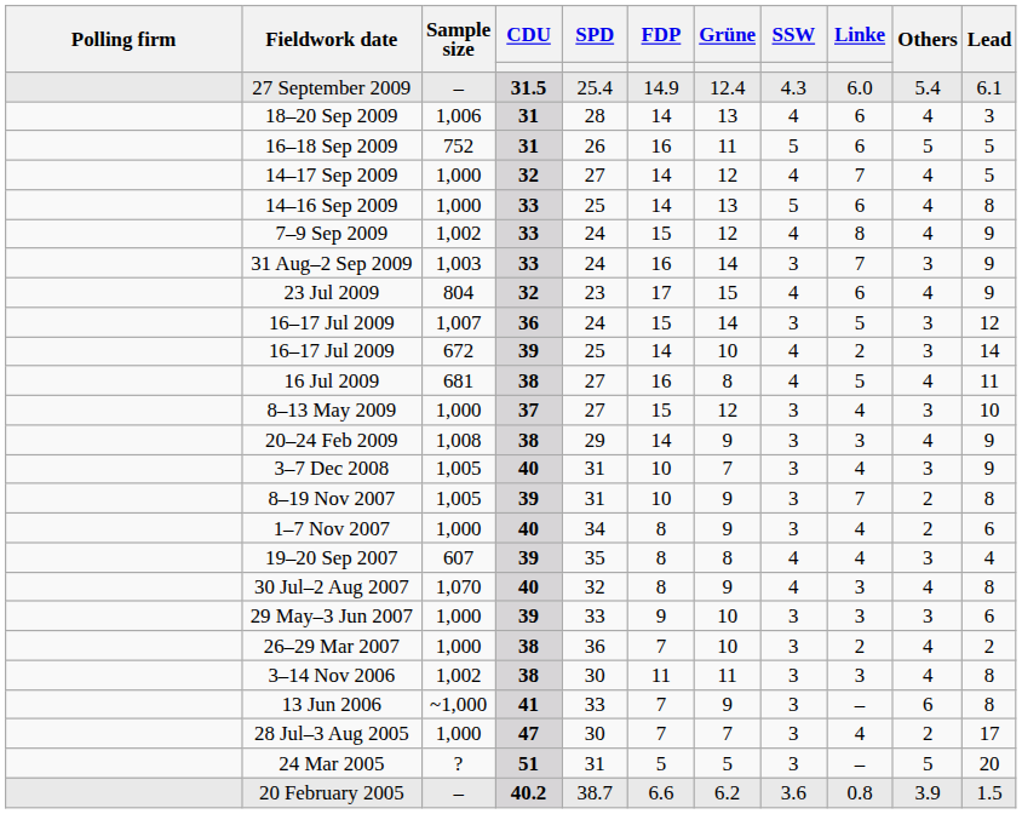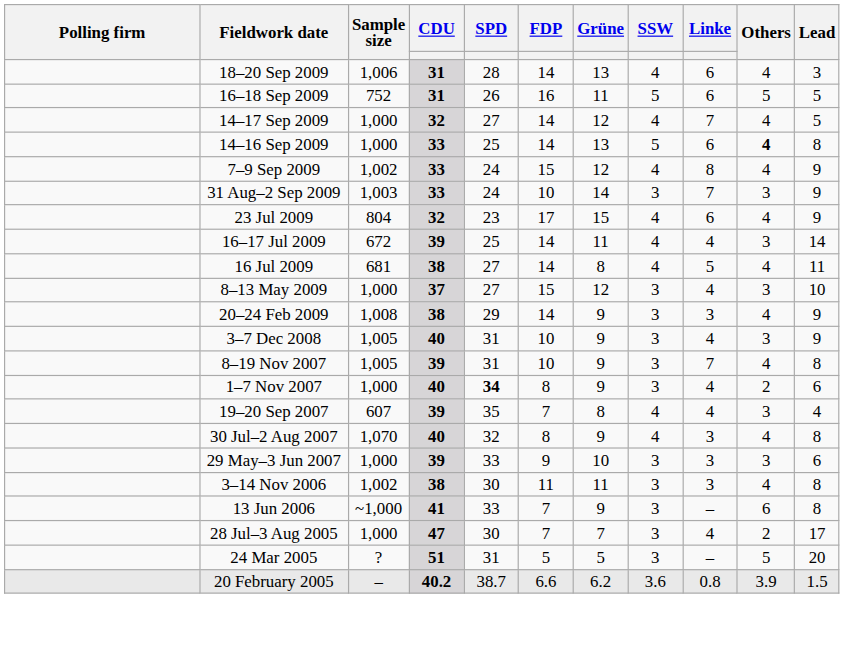 <table class="wikitable sortable" style="text-align:center;font-size:90%;line-height:14px;">
 <tr style="height:40px;">
 <th style="width:160px;" rowspan="2">Polling firm</th>
 <th style="width:120px;" rowspan="2">Fieldwork date</th>
 <th style="width:35px;" rowspan="2">Sample<br>size</th>
 <th class="unsortable" style="width:40px;"><a href='#'>CDU</a></th>
 <th class="unsortable" style="width:40px;"><a href='#'>SPD</a></th>
 <th class="unsortable" style="width:40px;"><a href='#'>FDP</a></th>
 <th class="unsortable" style="width:40px;"><a href='#'>Grüne</a></th>
 <th class="unsortable" style="width:40px;"><a href='#'>SSW</a></th>
 <th class="unsortable" style="width:40px;"><a href='#'>Linke</a></th>
 <th class="unsortable" style="width:40px;" rowspan="2">Others</th>
 <th style="width:30px;" rowspan="2">Lead</th>
 </tr>
 <tr>
 <th style="background:"></th>
 <th style="background:"></th>
 <th style="background:"></th>
 <th style="background:"></th>
 <th style="background:"></th>
 <th style="background:"></th>
-</tr>
-<tr style="background:#E9E9E9;">
-<td></td>
-<td data-sort-value="2009-09-27">27 September 2009</td>
-<td>–</td>
-<td style="background:#D7D5D7;"><strong>31.5</strong></td>
-<td>25.4</td>
-<td>14.9</td>
-<td>12.4</td>
-<td>4.3</td>
-<td>6.0</td>
-<td>5.4</td>
-<td style="background:">6.1</td>
 </tr>
 <tr>
 <td></td>
 <td data-sort-value="2009-09-21">18–20 Sep 2009</td>
 <td>1,006</td>
 <td style="background:#D7D5D7;"><strong>31</strong></td>
 <td>28</td>
 <td>14</td>
 <td>13</td>
 <td>4</td>
 <td>6</td>
 <td>4</td>
 <td style="background:">3</td>
 </tr>
 <tr>
 <td></td>
 <td data-sort-value="2009-09-19">16–18 Sep 2009</td>
 <td>752</td>
 <td style="background:#D7D5D7;"><strong>31</strong></td>
 <td>26</td>
 <td>16</td>
 <td>11</td>
 <td>5</td>
 <td>6</td>
 <td>5</td>
 <td style="background:">5</td>
 </tr>
 <tr>
 <td></td>
 <td data-sort-value="2009-09-18">14–17 Sep 2009</td>
 <td>1,000</td>
 <td style="background:#D7D5D7;"><strong>32</strong></td>
 <td>27</td>
 <td>14</td>
 <td>12</td>
 <td>4</td>
 <td>7</td>
 <td>4</td>
 <td style="background:">5</td>
 </tr>
 <tr>
 <td></td>
 <td data-sort-value="2009-09-16">14–16 Sep 2009</td>
 <td>1,000</td>
 <td style="background:#D7D5D7;"><strong>33</strong></td>
 <td>25</td>
 <td>14</td>
 <td>13</td>
 <td>5</td>
 <td>6</td>
-<td>4</td>
+<td><strong>4</strong></td>
 <td style="background:">8</td>
 </tr>
 <tr>
 <td></td>
 <td data-sort-value="2009-09-11">7–9 Sep 2009</td>
 <td>1,002</td>
 <td style="background:#D7D5D7;"><strong>33</strong></td>
 <td>24</td>
 <td>15</td>
 <td>12</td>
 <td>4</td>
 <td>8</td>
 <td>4</td>
 <td style="background:">9</td>
 </tr>
 <tr>
 <td></td>
 <td data-sort-value="2009-09-04">31 Aug–2 Sep 2009</td>
 <td>1,003</td>
 <td style="background:#D7D5D7;"><strong>33</strong></td>
 <td>24</td>
-<td>16</td>
+<td>10</td>
 <td>14</td>
 <td>3</td>
 <td>7</td>
 <td>3</td>
 <td style="background:">9</td>
 </tr>
 <tr>
 <td></td>
 <td data-sort-value="2009-07-24">23 Jul 2009</td>
 <td>804</td>
 <td style="background:#D7D5D7;"><strong>32</strong></td>
 <td>23</td>
 <td>17</td>
 <td>15</td>
 <td>4</td>
 <td>6</td>
 <td>4</td>
 <td style="background:">9</td>
 </tr>
 <tr>
 <td></td>
 <td data-sort-value="2009-07-18">16–17 Jul 2009</td>
-<td>1,007</td>
-<td style="background:#D7D5D7;"><strong>36</strong></td>
-<td>24</td>
-<td>15</td>
-<td>14</td>
-<td>3</td>
-<td>5</td>
-<td>3</td>
-<td style="background:">12</td>
-</tr>
-<tr>
-<td></td>
-<td data-sort-value="2009-07-18">16–17 Jul 2009</td>
 <td>672</td>
 <td style="background:#D7D5D7;"><strong>39</strong></td>
 <td>25</td>
 <td>14</td>
-<td>10</td>
+<td>11</td>
 <td>4</td>
-<td>2</td>
+<td>4</td>
 <td>3</td>
 <td style="background:">14</td>
 </tr>
 <tr>
 <td></td>
 <td data-sort-value="2009-07-17">16 Jul 2009</td>
 <td>681</td>
 <td style="background:#D7D5D7;"><strong>38</strong></td>
 <td>27</td>
-<td>16</td>
+<td>14</td>
 <td>8</td>
 <td>4</td>
 <td>5</td>
 <td>4</td>
 <td style="background:">11</td>
 </tr>
 <tr>
 <td></td>
 <td data-sort-value="2009-05-15">8–13 May 2009</td>
 <td>1,000</td>
 <td style="background:#D7D5D7;"><strong>37</strong></td>
 <td>27</td>
 <td>15</td>
 <td>12</td>
 <td>3</td>
 <td>4</td>
 <td>3</td>
 <td style="background:">10</td>
 </tr>
 <tr>
 <td></td>
 <td data-sort-value="2009-02-26">20–24 Feb 2009</td>
 <td>1,008</td>
 <td style="background:#D7D5D7;"><strong>38</strong></td>
 <td>29</td>
 <td>14</td>
 <td>9</td>
 <td>3</td>
 <td>3</td>
 <td>4</td>
 <td style="background:">9</td>
 </tr>
 <tr>
 <td></td>
 <td data-sort-value="2008-12-11">3–7 Dec 2008</td>
 <td>1,005</td>
 <td style="background:#D7D5D7;"><strong>40</strong></td>
 <td>31</td>
 <td>10</td>
-<td>7</td>
+<td>9</td>
 <td>3</td>
 <td>4</td>
 <td>3</td>
 <td style="background:">9</td>
 </tr>
 <tr>
 <td></td>
 <td data-sort-value="2007-12-06">8–19 Nov 2007</td>
 <td>1,005</td>
 <td style="background:#D7D5D7;"><strong>39</strong></td>
 <td>31</td>
 <td>10</td>
 <td>9</td>
 <td>3</td>
 <td>7</td>
-<td>2</td>
+<td>4</td>
 <td style="background:">8</td>
 </tr>
 <tr>
 <td></td>
 <td data-sort-value="2007-11-19">1–7 Nov 2007</td>
 <td>1,000</td>
 <td style="background:#D7D5D7;"><strong>40</strong></td>
-<td>34</td>
+<td><strong>34</strong></td>
 <td>8</td>
 <td>9</td>
 <td>3</td>
 <td>4</td>
 <td>2</td>
 <td style="background:">6</td>
 </tr>
 <tr>
 <td></td>
 <td data-sort-value="2007-09-22">19–20 Sep 2007</td>
 <td>607</td>
 <td style="background:#D7D5D7;"><strong>39</strong></td>
 <td>35</td>
-<td>8</td>
+<td>7</td>
 <td>8</td>
 <td>4</td>
 <td>4</td>
 <td>3</td>
 <td style="background:">4</td>
 </tr>
 <tr>
 <td></td>
 <td data-sort-value="2007-08-23">30 Jul–2 Aug 2007</td>
 <td>1,070</td>
 <td style="background:#D7D5D7;"><strong>40</strong></td>
 <td>32</td>
 <td>8</td>
 <td>9</td>
 <td>4</td>
 <td>3</td>
 <td>4</td>
 <td style="background:">8</td>
 </tr>
 <tr>
 <td></td>
 <td data-sort-value="2007-06-06">29 May–3 Jun 2007</td>
 <td>1,000</td>
 <td style="background:#D7D5D7;"><strong>39</strong></td>
 <td>33</td>
 <td>9</td>
 <td>10</td>
 <td>3</td>
 <td>3</td>
 <td>3</td>
 <td style="background:">6</td>
-</tr>
-<tr>
-<td></td>
-<td data-sort-value="2007-03-31">26–29 Mar 2007</td>
-<td>1,000</td>
-<td style="background:#D7D5D7;"><strong>38</strong></td>
-<td>36</td>
-<td>7</td>
-<td>10</td>
-<td>3</td>
-<td>2</td>
-<td>4</td>
-<td style="background:">2</td>
 </tr>
 <tr>
 <td></td>
 <td data-sort-value="2007-02-02">3–14 Nov 2006</td>
 <td>1,002</td>
 <td style="background:#D7D5D7;"><strong>38</strong></td>
 <td>30</td>
 <td>11</td>
 <td>11</td>
 <td>3</td>
 <td>3</td>
 <td>4</td>
 <td style="background:">8</td>
 </tr>
 <tr>
 <td></td>
 <td data-sort-value="2006-06-13">13 Jun 2006</td>
 <td>~1,000</td>
 <td style="background:#D7D5D7;"><strong>41</strong></td>
 <td>33</td>
 <td>7</td>
 <td>9</td>
 <td>3</td>
 <td>–</td>
 <td>6</td>
 <td style="background:">8</td>
 </tr>
 <tr>
 <td></td>
 <td data-sort-value="2005-08-05">28 Jul–3 Aug 2005</td>
 <td>1,000</td>
 <td style="background:#D7D5D7;"><strong>47</strong></td>
 <td>30</td>
 <td>7</td>
 <td>7</td>
 <td>3</td>
 <td>4</td>
 <td>2</td>
 <td style="background:">17</td>
 </tr>
 <tr>
 <td></td>
 <td data-sort-value="2005-03-24">24 Mar 2005</td>
 <td>?</td>
 <td style="background:#D7D5D7;"><strong>51</strong></td>
 <td>31</td>
 <td>5</td>
 <td>5</td>
 <td>3</td>
 <td>–</td>
 <td>5</td>
 <td style="background:">20</td>
 </tr>
 <tr style="background:#E9E9E9;">
 <td></td>
 <td data-sort-value="2005-02-20">20 February 2005</td>
 <td>–</td>
 <td style="background:#D7D5D7;"><strong>40.2</strong></td>
 <td>38.7</td>
 <td>6.6</td>
 <td>6.2</td>
 <td>3.6</td>
 <td>0.8</td>
 <td>3.9</td>
 <td style="background:">1.5</td>
 </tr>
 </table>
